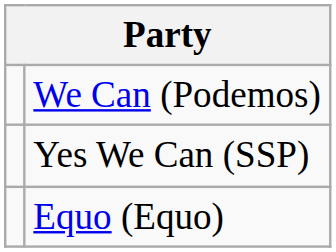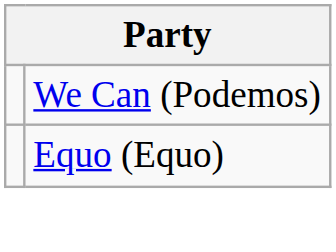 <table class="wikitable" style="text-align:left; font-size:97%;">
 <tr>
 <th colspan="2">Party</th>
 </tr>
 <tr>
 <td width="1"></td>
 <td><a href='#'>We Can</a> (Podemos)</td>
 </tr>
 <tr>
 <td></td>
-<td>Yes We Can (SSP)</td>
-</tr>
-<tr>
-<td></td>
 <td><a href='#'>Equo</a> (Equo)</td>
 </tr>
 </table>
